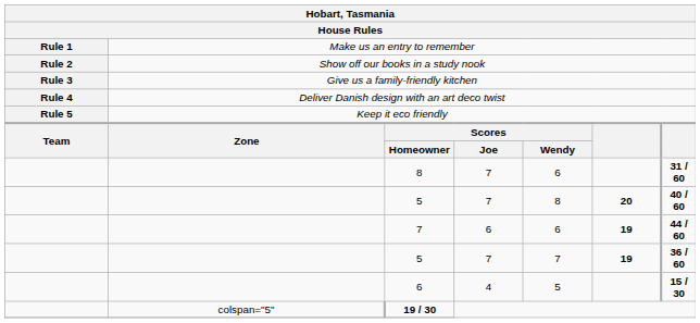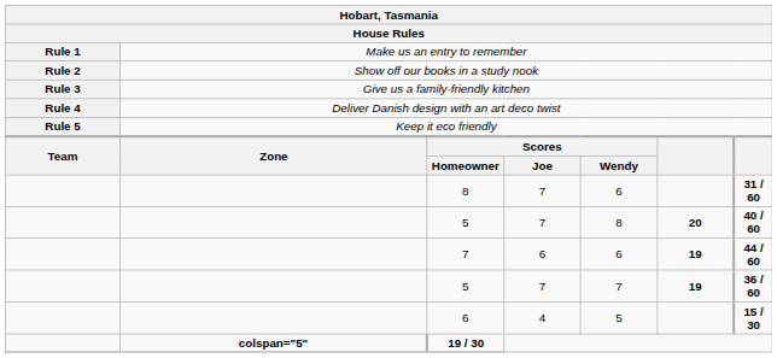 <table class="wikitable plainrowheaders" style="text-align:center; font-size:90%; width:65em;">
 <tr>
 <th colspan="7" >Hobart, Tasmania</th>
 </tr>
 <tr>
 <th colspan="7">House Rules</th>
 </tr>
 <tr>
 <th>Rule 1</th>
 <td colspan="6"><em>Make us an entry to remember</em></td>
 </tr>
 <tr>
 <th>Rule 2</th>
 <td colspan="6"><em>Show off our books in a study nook</em></td>
 </tr>
 <tr>
 <th>Rule 3</th>
 <td colspan="6"><em>Give us a family-friendly kitchen</em></td>
 </tr>
 <tr>
 <th>Rule 4</th>
 <td colspan="6"><em>Deliver Danish design with an art deco twist</em></td>
 </tr>
 <tr>
 <th>Rule 5</th>
 <td colspan="6"><em>Keep it eco friendly</em></td>
 </tr>
 <tr style="border-top:3px solid #aaa;">
 <th rowspan="2">Team</th>
 <th rowspan="2" style="width:40%;">Zone</th>
 <th colspan="3" style="width:40%;">Scores</th>
 <th rowspan="2" style="width:10%;"></th>
 <th rowspan="2" style="width:10%; border-left:3px solid #aaa;"></th>
 </tr>
 <tr>
 <th style="width:10%;">Homeowner</th>
 <th style="width:10%;">Joe</th>
 <th style="width:10%;">Wendy</th>
 </tr>
 <tr>
 <td style="width:15%;"></td>
 <td></td>
 <td>8</td>
 <td>7</td>
 <td>6</td>
 <td></td>
 <td style="border-left:3px solid #aaa;"><strong>31 / 60</strong></td>
 </tr>
 <tr>
 <td style="width:15%;"></td>
 <td></td>
 <td>5</td>
 <td>7</td>
 <td>8</td>
 <td><strong>20</strong></td>
 <td style="border-left:3px solid #aaa;"><strong>40 / 60</strong></td>
 </tr>
 <tr>
 <td style="width:15%;"></td>
 <td></td>
 <td>7</td>
 <td>6</td>
 <td>6</td>
 <td><strong>19</strong></td>
 <td style="border-left:3px solid #aaa;"><strong>44 / 60</strong></td>
 </tr>
 <tr>
 <td style="width:15%;"></td>
 <td></td>
 <td>5</td>
 <td>7</td>
 <td>7</td>
 <td><strong>19</strong></td>
 <td style="border-left:3px solid #aaa;"><strong>36 / 60</strong></td>
 </tr>
 <tr>
 <td style="width:15%;"></td>
 <td></td>
 <td>6</td>
 <td>4</td>
 <td>5</td>
 <td></td>
 <td style="border-left:3px solid #aaa;"><strong>15 / 30</strong></td>
 </tr>
 <tr>
 <td style="width:15%;"></td>
-<td>colspan="5" </td>
+<td><strong>colspan="5" </strong></td>
 <td style="border-left:3px solid #aaa;"><strong>19 / 30</strong></td>
 </tr>
 <tr>
 </tr>
 </table>
